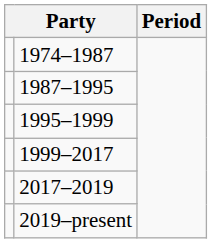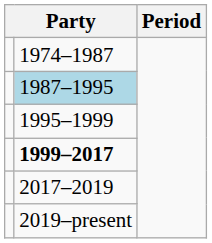 <table class="wikitable">
 <tr>
 <th colspan="2">Party</th>
 <th>Period</th>
 </tr>
 <tr>
 <td></td>
 <td>1974–1987</td>
 </tr>
 <tr>
 <td></td>
-<td>1987–1995</td>
+<td style="background: lightblue;">1987–1995</td>
 </tr>
 <tr>
 <td></td>
 <td>1995–1999</td>
 </tr>
 <tr>
 <td></td>
-<td>1999–2017</td>
+<td><strong>1999–2017</strong></td>
 </tr>
 <tr>
 <td></td>
 <td>2017–2019</td>
 </tr>
 <tr>
 <td></td>
 <td>2019–present</td>
 </tr>
 </table>
